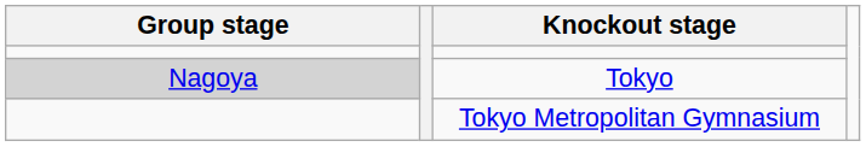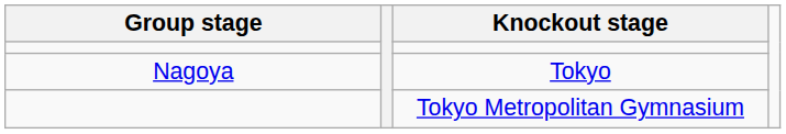 <table class="wikitable">
 <tr>
 <th width="250">Group stage</th>
 <th rowspan="4"></th>
 <th width="250">Knockout stage</th>
 <td rowspan="4"></td>
 </tr>
 <tr>
 <td align="center"></td>
 <td align="center"></td>
 </tr>
 <tr>
-<td style="background: lightgrey; text-align:center"><a href='#'>Nagoya</a></td>
+<td style="text-align:center"><a href='#'>Nagoya</a></td>
 <td style="text-align:center"><a href='#'>Tokyo</a></td>
 </tr>
 <tr>
 <td style="text-align:center"></td>
 <td style="text-align:center"><a href='#'>Tokyo Metropolitan Gymnasium</a></td>
 </tr>
 </table>
